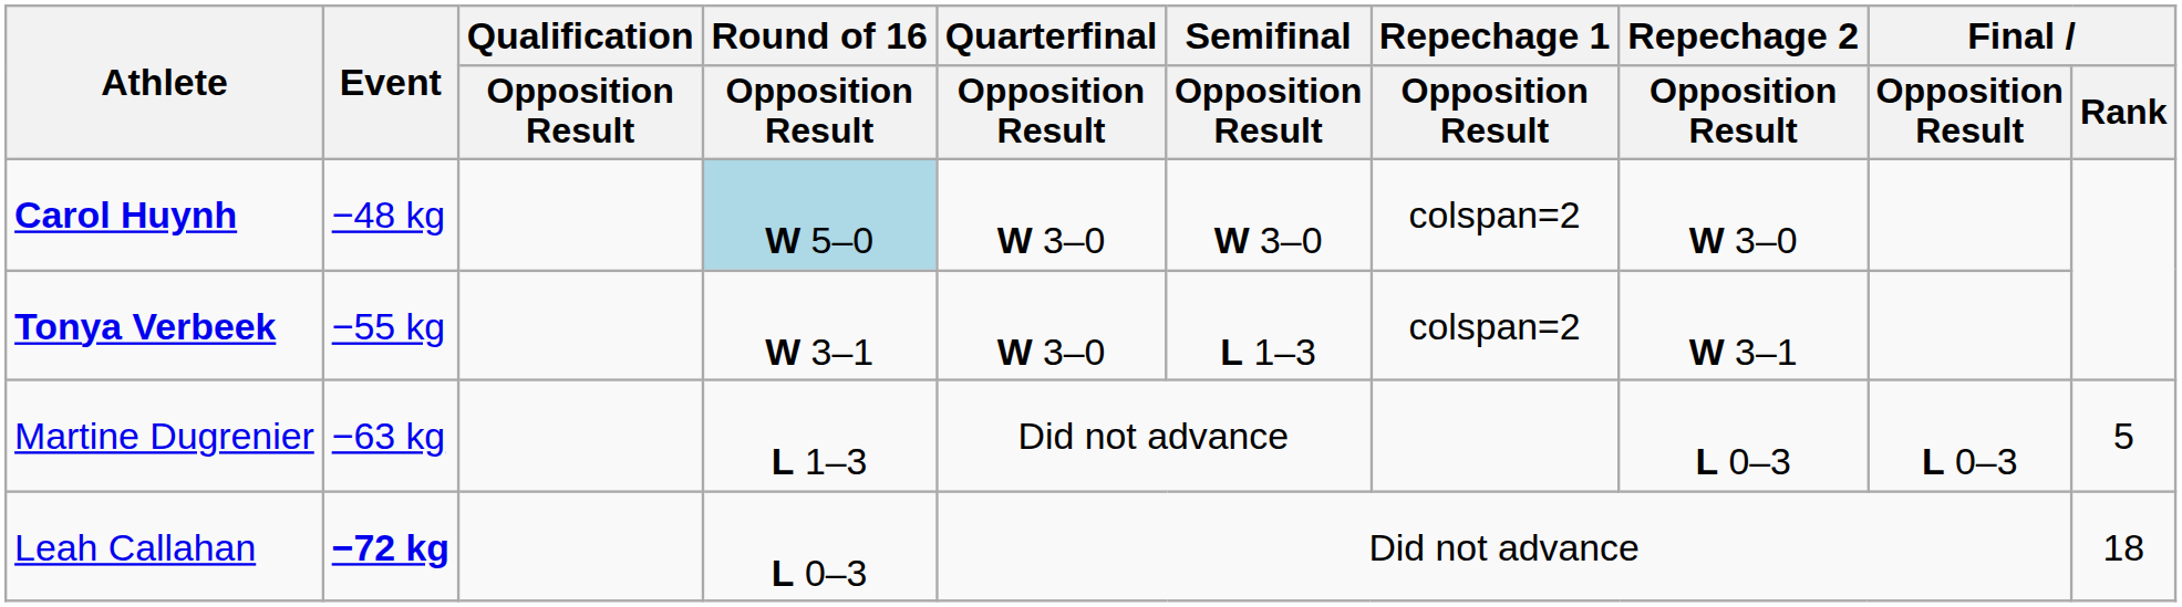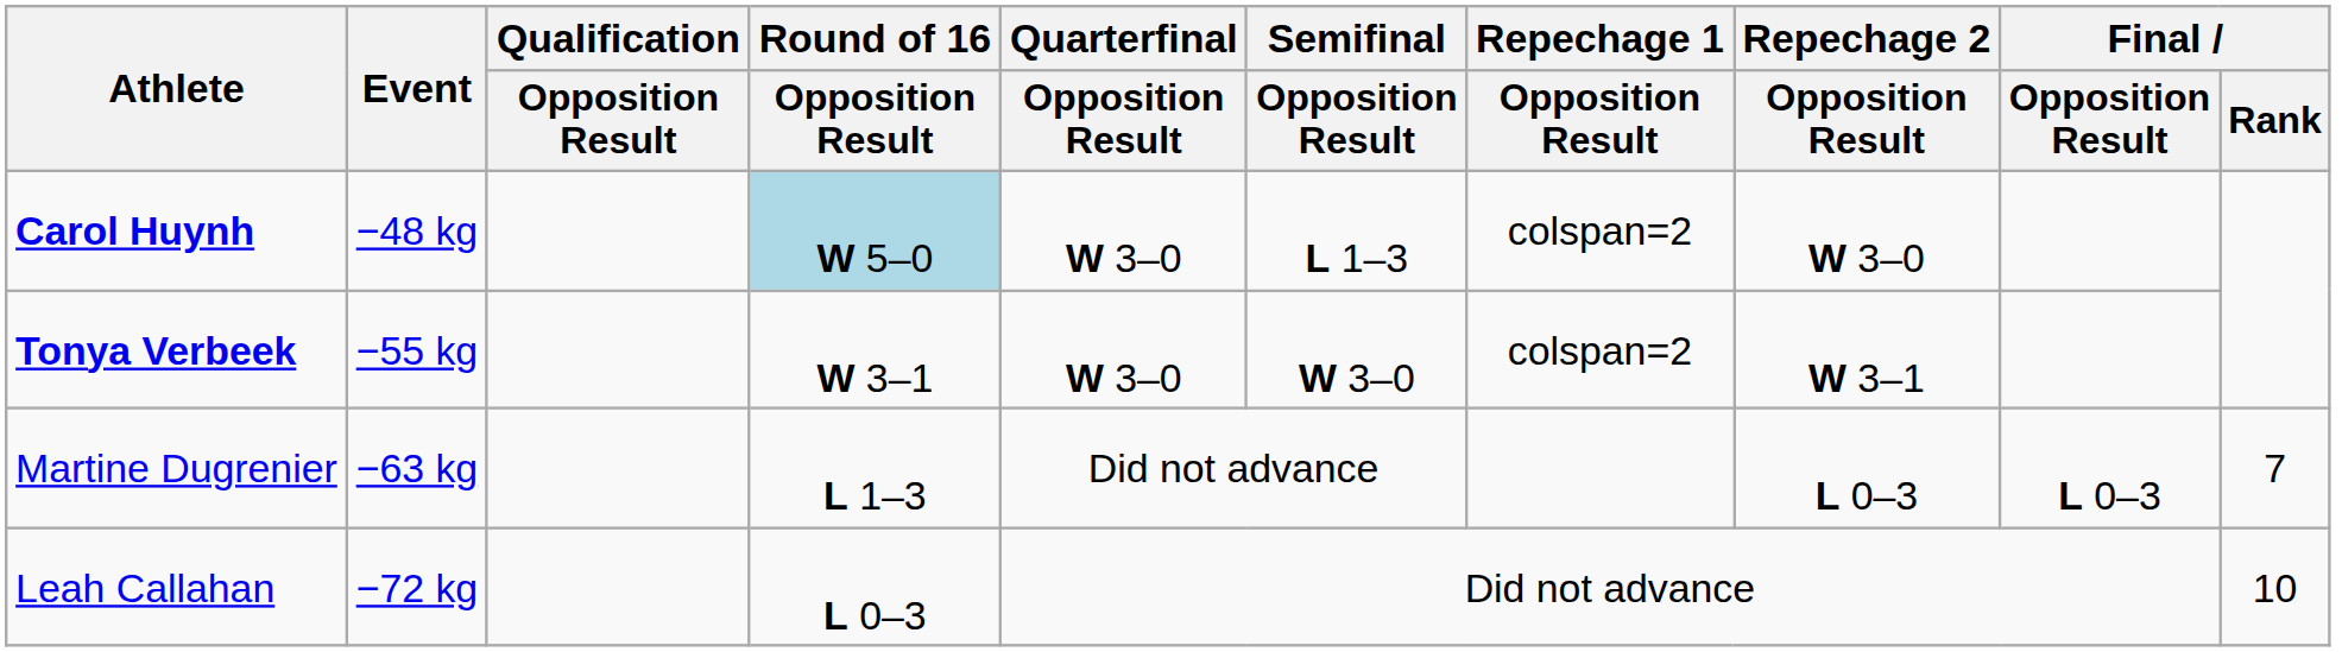 <table class="wikitable" style="font-size:90%">
 <tr>
 <th rowspan=2>Athlete</th>
 <th rowspan=2>Event</th>
 <th>Qualification</th>
 <th>Round of 16</th>
 <th>Quarterfinal</th>
 <th>Semifinal</th>
 <th>Repechage 1</th>
 <th>Repechage 2</th>
 <th colspan=2>Final / </th>
 </tr>
 <tr style="font-size: 95%">
 <th>Opposition<br>Result</th>
 <th>Opposition<br>Result</th>
 <th>Opposition<br>Result</th>
 <th>Opposition<br>Result</th>
 <th>Opposition<br>Result</th>
 <th>Opposition<br>Result</th>
 <th>Opposition<br>Result</th>
 <th>Rank</th>
 </tr>
 <tr align=center>
 <td align=left><strong><a href='#'>Carol Huynh</a></strong></td>
 <td align=left><a href='#'>−48 kg</a></td>
 <td></td>
 <td style="background: lightblue;"><br> <strong>W</strong> 5–0 <sup></sup></td>
 <td><br> <strong>W</strong> 3–0 <sup></sup></td>
-<td><br> <strong>W</strong> 3–0 <sup></sup></td>
+<td><br> <strong>L</strong> 1–3 <sup></sup></td>
 <td>colspan=2 </td>
 <td><br> <strong>W</strong> 3–0 <sup></sup></td>
 <td></td>
 </tr>
 <tr align=center>
 <td align=left><strong><a href='#'>Tonya Verbeek</a></strong></td>
 <td align=left><a href='#'>−55 kg</a></td>
 <td></td>
 <td><br> <strong>W</strong> 3–1 <sup></sup></td>
 <td><br> <strong>W</strong> 3–0 <sup></sup></td>
-<td><br> <strong>L</strong> 1–3 <sup></sup></td>
+<td><br> <strong>W</strong> 3–0 <sup></sup></td>
 <td>colspan=2 </td>
 <td><br><strong>W</strong> 3–1 <sup></sup></td>
 <td></td>
 </tr>
 <tr align=center>
 <td align=left><a href='#'>Martine Dugrenier</a></td>
 <td align=left><a href='#'>−63 kg</a></td>
 <td></td>
 <td> <br> <strong>L</strong> 1–3 <sup></sup></td>
 <td colspan=2>Did not advance</td>
 <td></td>
 <td><br> <strong>L</strong> 0–3 <sup></sup></td>
 <td><br><strong>L</strong> 0–3 <sup></sup></td>
-<td>5</td>
+<td>7</td>
 </tr>
 <tr align=center>
 <td align=left><a href='#'>Leah Callahan</a></td>
-<td align=left><strong><a href='#'>−72 kg</a></strong></td>
+<td align=left><a href='#'>−72 kg</a></td>
 <td></td>
 <td><br> <strong>L</strong> 0–3 <sup></sup></td>
 <td colspan=5>Did not advance</td>
-<td>18</td>
+<td>10</td>
 </tr>
 </table>
